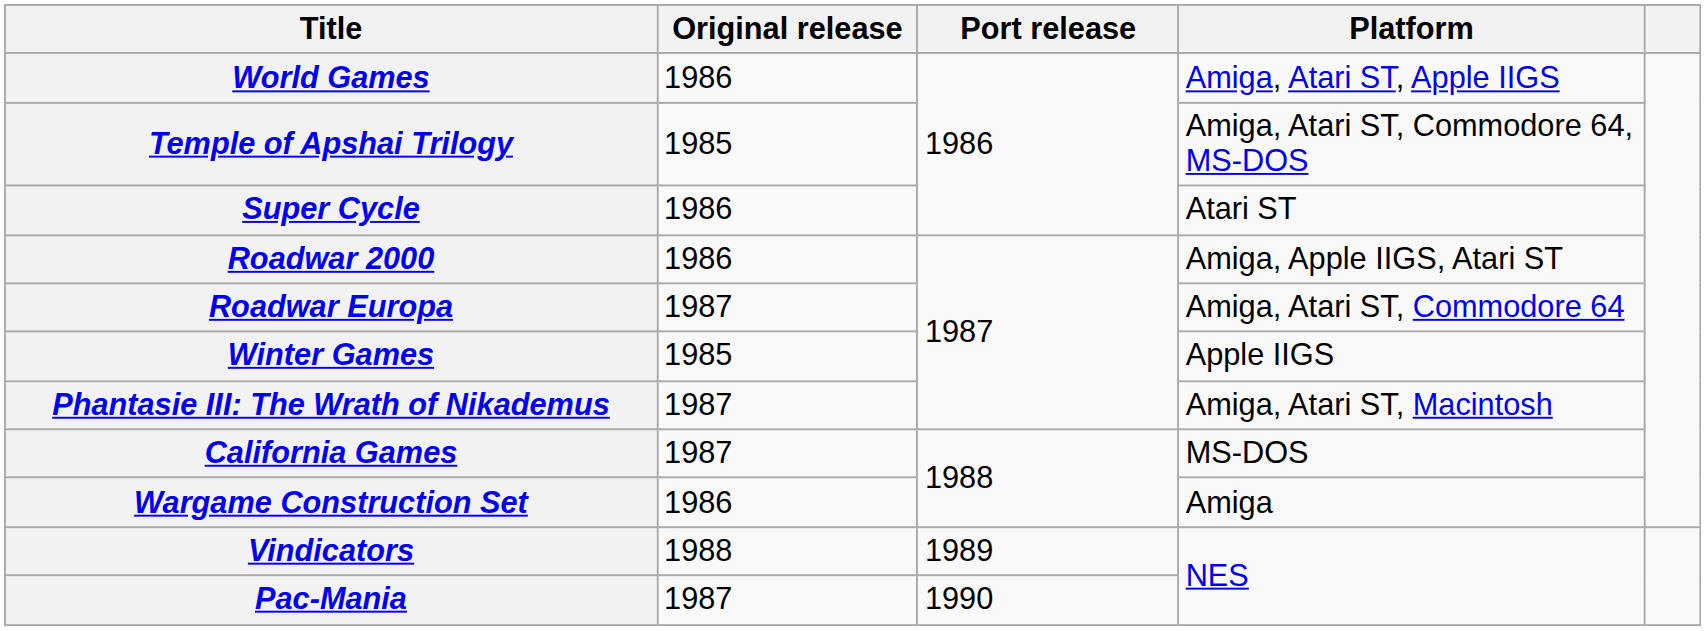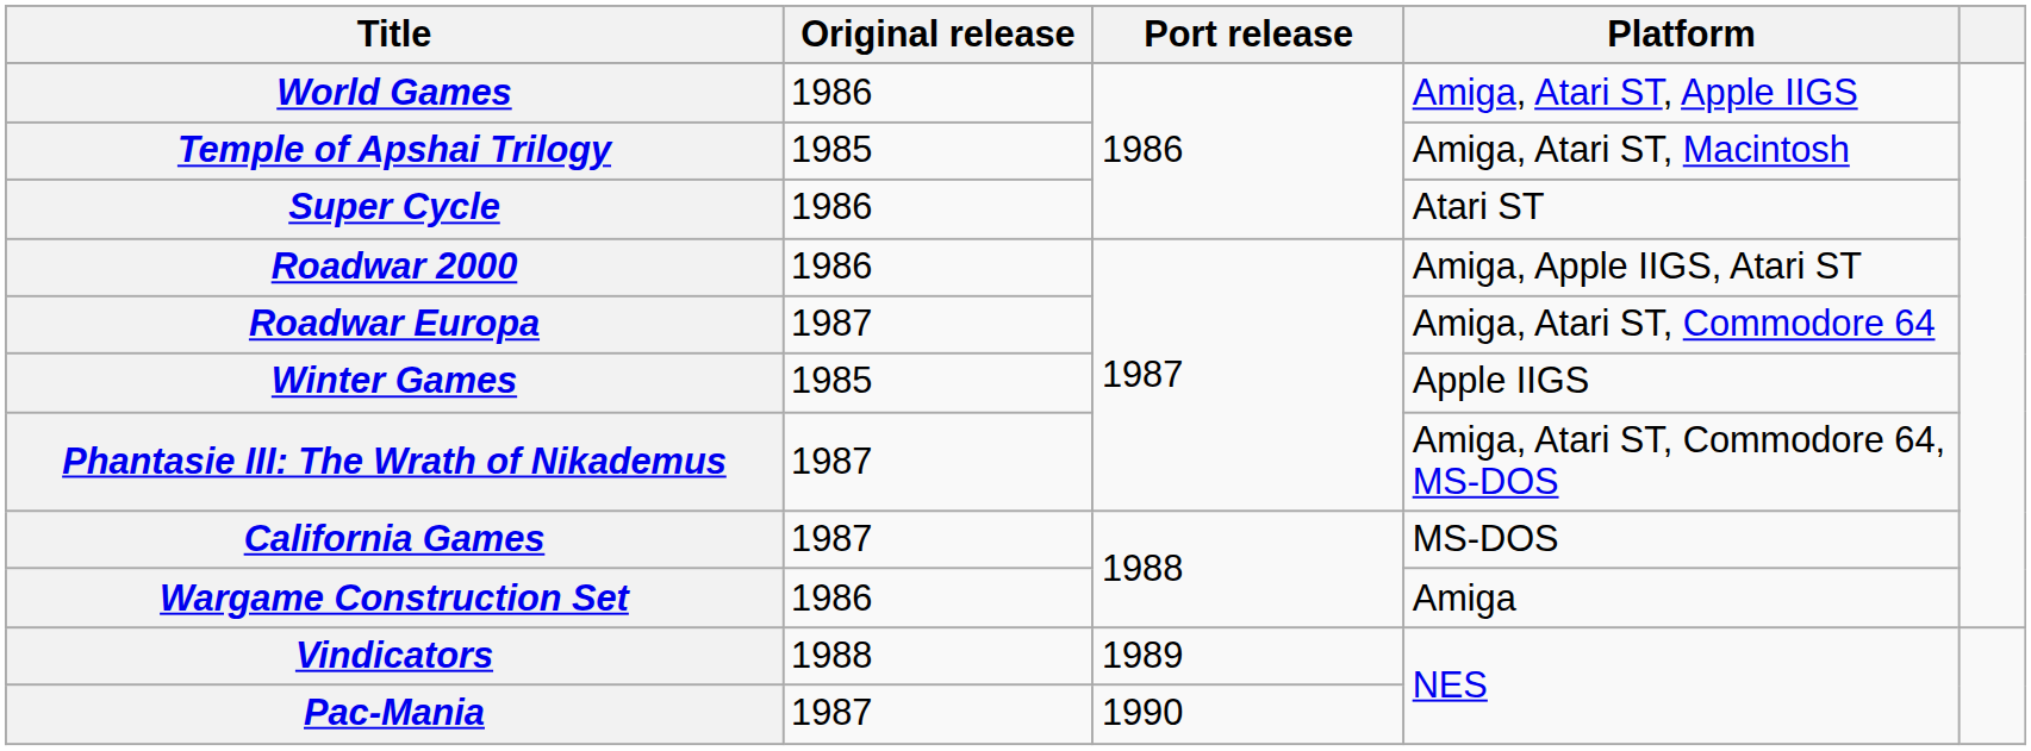 <table class="wikitable sortable plainrowheaders" style="width: 100%">
 <tr>
 <th style="width:35%" scope="col">Title</th>
 <th style="width:14%" scope="col">Original release</th>
 <th style="width:14%" scope="col">Port release</th>
 <th style="width:25%" scope="col">Platform</th>
 <th style="width:3%" scope="col" class="unsortable"></th>
 </tr>
 <tr>
 <th scope="row" style="text-align:center;"><em><a href='#'>World Games</a></em></th>
 <td>1986</td>
 <td rowspan="3">1986</td>
 <td><a href='#'>Amiga</a>, <a href='#'>Atari ST</a>, <a href='#'>Apple IIGS</a></td>
 <td rowspan="9"></td>
 </tr>
 <tr>
 <th scope="row" style="text-align:center;"><em><a href='#'>Temple of Apshai Trilogy</a></em></th>
 <td>1985</td>
-<td>Amiga, Atari ST, Commodore 64, <a href='#'>MS-DOS</a></td>
+<td>Amiga, Atari ST, <a href='#'>Macintosh</a></td>
 </tr>
 <tr>
 <th scope="row" style="text-align:center;"><em><a href='#'>Super Cycle</a></em></th>
 <td>1986</td>
 <td>Atari ST</td>
 </tr>
 <tr>
 <th scope="row" style="text-align:center;"><em><a href='#'>Roadwar 2000</a></em></th>
 <td>1986</td>
 <td rowspan="4">1987</td>
 <td>Amiga, Apple IIGS, Atari ST</td>
 </tr>
 <tr>
 <th scope="row" style="text-align:center;"><em><a href='#'>Roadwar Europa</a></em></th>
 <td>1987</td>
 <td>Amiga, Atari ST, <a href='#'>Commodore 64</a></td>
 </tr>
 <tr>
 <th scope="row" style="text-align:center;"><em><a href='#'>Winter Games</a></em></th>
 <td>1985</td>
 <td>Apple IIGS</td>
 </tr>
 <tr>
 <th scope="row" style="text-align:center;"><em><a href='#'>Phantasie III: The Wrath of Nikademus</a></em></th>
 <td>1987</td>
-<td>Amiga, Atari ST, <a href='#'>Macintosh</a></td>
+<td>Amiga, Atari ST, Commodore 64, <a href='#'>MS-DOS</a></td>
 </tr>
 <tr>
 <th scope="row" style="text-align:center;"><em><a href='#'>California Games</a></em></th>
 <td>1987</td>
 <td rowspan="2">1988</td>
 <td>MS-DOS</td>
 </tr>
 <tr>
 <th scope="row" style="text-align:center;"><em><a href='#'>Wargame Construction Set</a></em></th>
 <td>1986</td>
 <td>Amiga</td>
 </tr>
 <tr>
 <th scope="row" style="text-align:center;"><em><a href='#'>Vindicators</a></em></th>
 <td>1988</td>
 <td>1989</td>
 <td rowspan="2"><a href='#'>NES</a></td>
 <td rowspan="2"></td>
 </tr>
 <tr>
 <th scope="row" style="text-align:center;"><em><a href='#'>Pac-Mania</a></em></th>
 <td>1987</td>
 <td>1990</td>
 </tr>
 </table>
